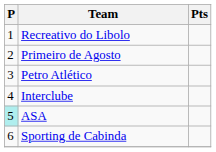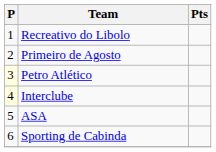 <table class="wikitable">
 <tr>
 <th>P</th>
 <th width=205>Team</th>
 <th>Pts</th>
 </tr>
 <tr>
 <td>1</td>
 <td><a href='#'>Recreativo do Libolo</a></td>
 <td></td>
 </tr>
 <tr>
 <td>2</td>
 <td><a href='#'>Primeiro de Agosto</a></td>
 <td></td>
 </tr>
 <tr>
-<td>3</td>
+<td style="background: lightyellow;">3</td>
 <td><a href='#'>Petro Atlético</a></td>
 <td></td>
 </tr>
 <tr>
-<td>4</td>
+<td style="background: lightyellow;">4</td>
 <td><a href='#'>Interclube</a></td>
 <td></td>
 </tr>
 <tr>
-<td style="background: paleturquoise;">5</td>
+<td>5</td>
 <td><a href='#'>ASA</a></td>
 <td></td>
 </tr>
 <tr>
 <td>6</td>
 <td><a href='#'>Sporting de Cabinda</a></td>
 <td></td>
 </tr>
 <tr>
 </tr>
 </table>
